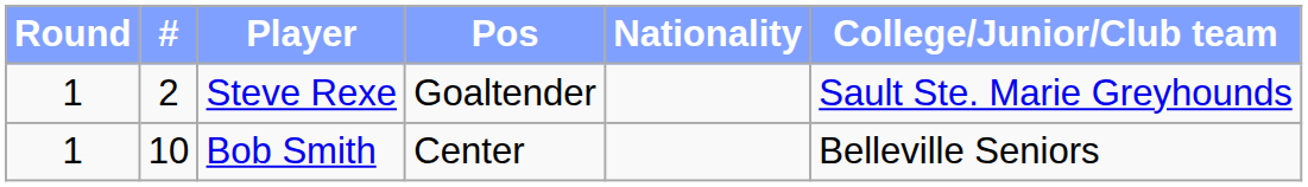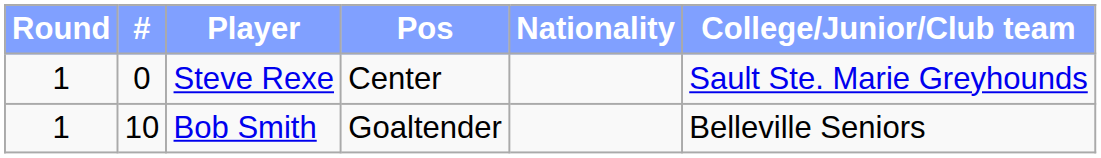 <table class="wikitable">
 <tr>
 <th style="color:white; background:#80A0FF; ">Round</th>
 <th style="color:white; background:#80A0FF; ">#</th>
 <th style="color:white; background:#80A0FF; ">Player</th>
 <th style="color:white; background:#80A0FF; ">Pos</th>
 <th style="color:white; background:#80A0FF; ">Nationality</th>
 <th style="color:white; background:#80A0FF; ">College/Junior/Club team</th>
 </tr>
 <tr>
 <td style="text-align:center">1</td>
-<td style="text-align:center">2</td>
+<td style="text-align:center">0</td>
 <td><a href='#'>Steve Rexe</a></td>
-<td>Goaltender</td>
+<td>Center</td>
 <td></td>
 <td><a href='#'>Sault Ste. Marie Greyhounds</a></td>
 </tr>
 <tr>
 <td style="text-align:center">1</td>
 <td style="text-align:center">10</td>
 <td><a href='#'>Bob Smith</a></td>
-<td>Center</td>
+<td>Goaltender</td>
 <td></td>
 <td>Belleville Seniors</td>
 </tr>
 </table>
